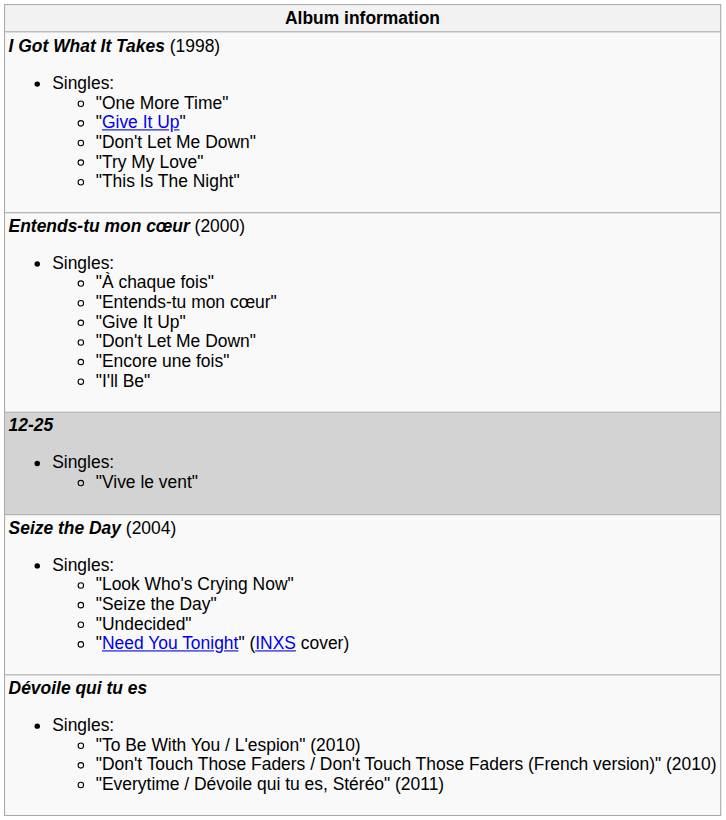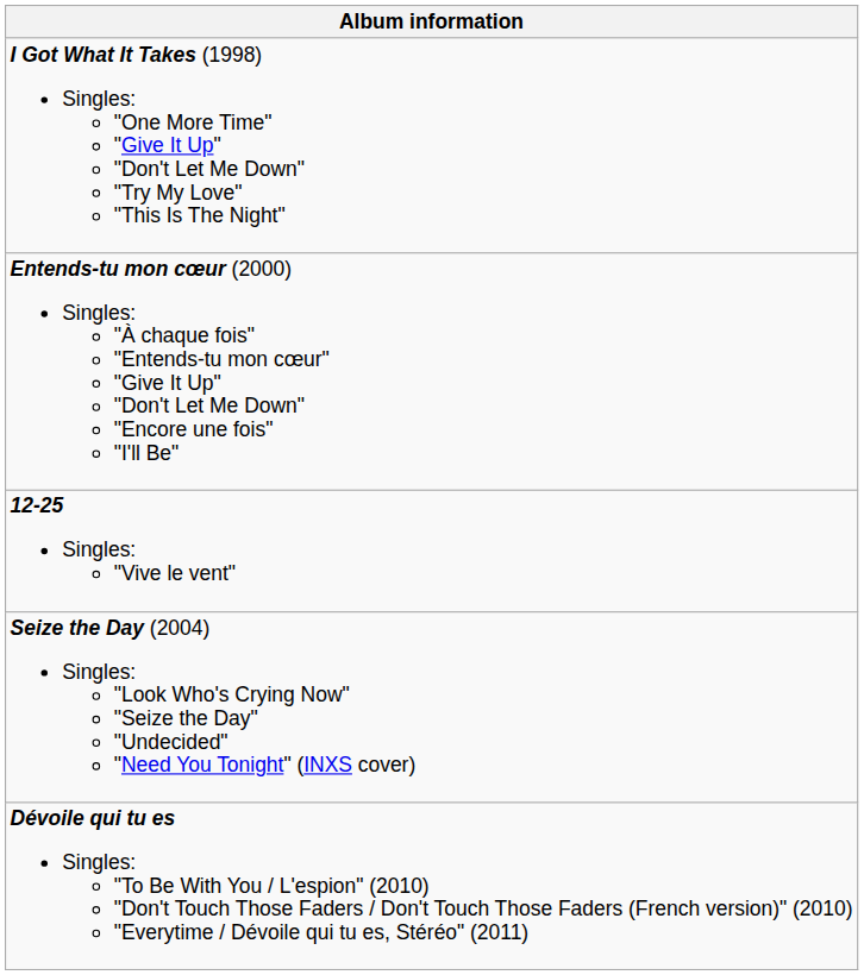 <table class="wikitable">
 <tr>
 <th align="left">Album information</th>
 </tr>
 <tr>
 <td align="left"><strong><em>I Got What It Takes</em></strong> (1998)<br><ul><li>Singles:<ul><li>"One More Time"</li><li>"<a href='#'>Give It Up</a>"</li><li>"Don't Let Me Down"</li><li>"Try My Love"</li><li>"This Is The Night"</li></ul></li></ul></td>
 </tr>
 <tr>
 <td align="left"><strong><em>Entends-tu mon cœur</em></strong> (2000)<br><ul><li>Singles:<ul><li>"À chaque fois"</li><li>"Entends-tu mon cœur"</li><li>"Give It Up"</li><li>"Don't Let Me Down"</li><li>"Encore une fois"</li><li>"I'll Be"</li></ul></li></ul></td>
 </tr>
 <tr>
-<td align="left" style="background: lightgrey;"><strong><em>12-25</em></strong><br><ul><li>Singles:<ul><li>"Vive le vent"</li></ul></li></ul></td>
+<td align="left"><strong><em>12-25</em></strong><br><ul><li>Singles:<ul><li>"Vive le vent"</li></ul></li></ul></td>
 </tr>
 <tr>
 <td align="left"><strong><em>Seize the Day</em></strong> (2004)<br><ul><li>Singles:<ul><li>"Look Who's Crying Now"</li><li>"Seize the Day"</li><li>"Undecided"</li><li>"<a href='#'>Need You Tonight</a>" (<a href='#'>INXS</a> cover)</li></ul></li></ul></td>
 </tr>
 <tr>
 <td align="left"><strong><em>Dévoile qui tu es</em></strong><br><ul><li>Singles:<ul><li>"To Be With You / L'espion" (2010)</li><li>"Don't Touch Those Faders / Don't Touch Those Faders (French version)" (2010)</li><li>"Everytime / Dévoile qui tu es, Stéréo" (2011)</li></ul></li></ul></td>
 </tr>
 </table>
